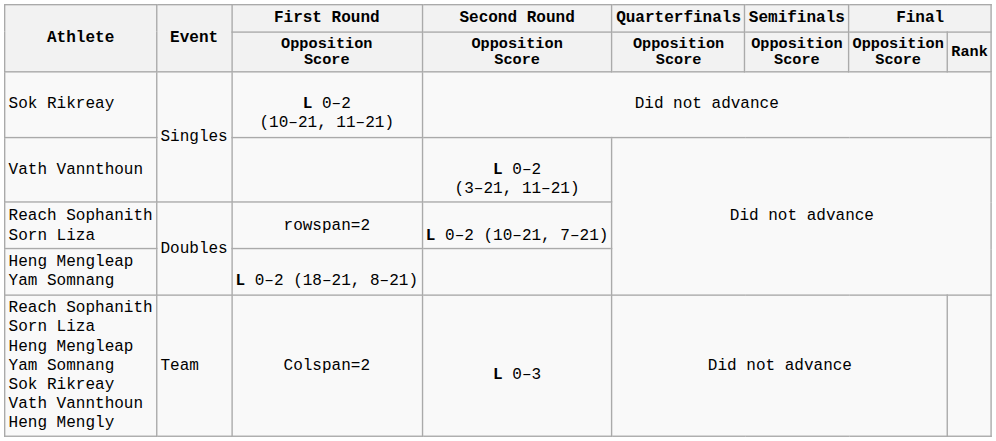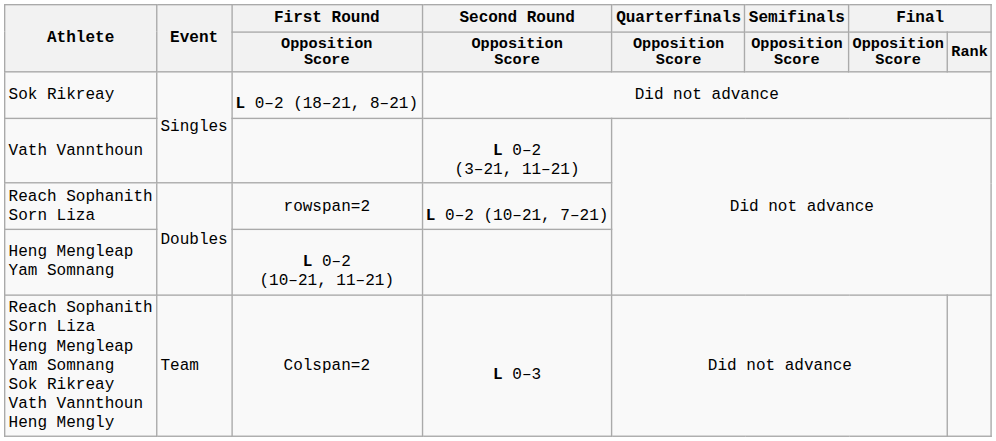 <table class="wikitable" style="font-size:90%">
 <tr>
 <th rowspan=2>Athlete</th>
 <th rowspan=2>Event</th>
 <th>First Round</th>
 <th>Second Round</th>
 <th>Quarterfinals</th>
 <th>Semifinals</th>
 <th colspan=2>Final</th>
 </tr>
 <tr style="font-size:95%">
 <th>Opposition<br>Score</th>
 <th>Opposition<br>Score</th>
 <th>Opposition<br>Score</th>
 <th>Opposition<br>Score</th>
 <th>Opposition<br>Score</th>
 <th>Rank</th>
 </tr>
 <tr align=center>
 <td align=left>Sok Rikreay</td>
 <td rowspan=2>Singles</td>
-<td><br><strong>L</strong> 0–2 <br>(10–21, 11–21)</td>
+<td><br><strong>L</strong> 0–2 (18–21, 8–21)</td>
 <td colspan=5>Did not advance</td>
 </tr>
 <tr align=center>
 <td align=left>Vath Vannthoun</td>
 <td></td>
 <td><br><strong>L</strong> 0–2 <br>(3–21, 11–21)</td>
 <td rowspan=3 colspan=4>Did not advance</td>
 </tr>
 <tr align=center>
 <td align=left>Reach Sophanith<br>Sorn Liza</td>
 <td rowspan=2>Doubles</td>
 <td>rowspan=2 </td>
 <td><br><strong>L</strong> 0–2 (10–21, 7–21)</td>
 </tr>
 <tr align=center>
 <td align=left>Heng Mengleap<br>Yam Somnang</td>
-<td><br><strong>L</strong> 0–2 (18–21, 8–21)</td>
+<td><br><strong>L</strong> 0–2 <br>(10–21, 11–21)</td>
 </tr>
 <tr align=center>
 <td align=left>Reach Sophanith<br>Sorn Liza<br>Heng Mengleap<br>Yam Somnang<br>Sok Rikreay<br>Vath Vannthoun<br>Heng Mengly</td>
 <td align=left>Team</td>
 <td>Colspan=2 </td>
 <td><br><strong>L</strong> 0–3</td>
 <td colspan=3>Did not advance</td>
 </tr>
 </table>
